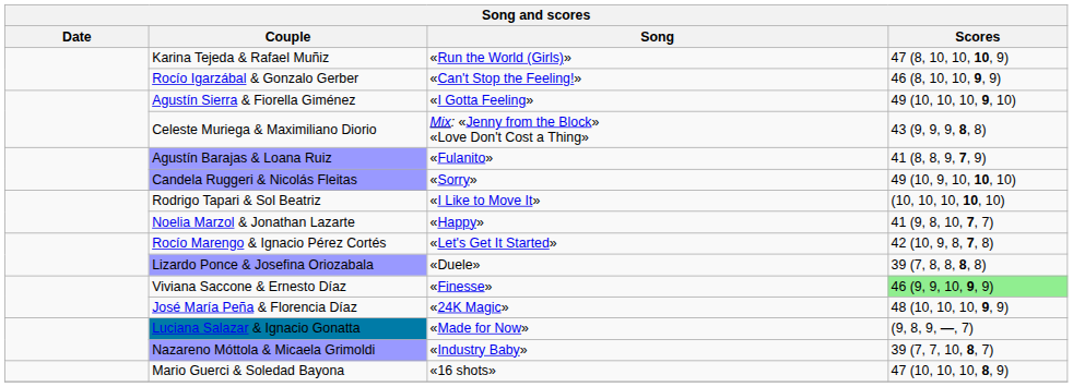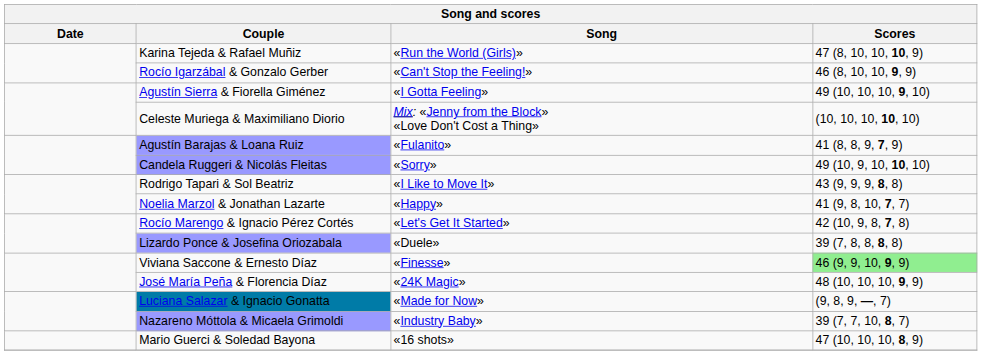 <table class="wikitable collapsible collapsed" style="text-align: align; width: 100%;">
 <tr>
 <th colspan="11" style="with: 100%;" align="center">Song and scores</th>
 </tr>
 <tr>
 <th width=95>Date</th>
 <th width=190>Couple<br></th>
 <th width=320>Song</th>
 <th width=120>Scores</th>
 </tr>
 <tr>
 <td rowspan="2"></td>
 <td>Karina Tejeda & Rafael Muñiz<br></td>
 <td>«<a href='#'>Run the World (Girls)</a>» </td>
 <td>47 (8, 10, 10, <strong>10</strong>, 9)</td>
 </tr>
 <tr>
 <td><a href='#'>Rocío Igarzábal</a> & Gonzalo Gerber<br></td>
 <td>«<a href='#'>Can't Stop the Feeling!</a>» </td>
 <td>46 (8, 10, 10, <strong>9</strong>, 9)</td>
 </tr>
 <tr>
 <td rowspan="2"></td>
 <td><a href='#'>Agustín Sierra</a> & Fiorella Giménez<br></td>
 <td>«<a href='#'>I Gotta Feeling</a>» </td>
 <td>49 (10, 10, 10, <strong>9</strong>, 10)</td>
 </tr>
 <tr>
 <td>Celeste Muriega & Maximiliano Diorio<br></td>
 <td><em><u><a href='#'>Mix</a></u>:</em> «<a href='#'>Jenny from the Block</a>» <br> «Love Don't Cost a Thing» </td>
-<td>43 (9, 9, 9, <strong>8</strong>, 8)</td>
+<td> (10, 10, 10, <strong>10</strong>, 10)</td>
 </tr>
 <tr>
 <td rowspan="2"></td>
 <td bgcolor="#9999FF">Agustín Barajas & Loana Ruiz<br></td>
 <td>«<a href='#'>Fulanito</a>» </td>
 <td>41 (8, 8, 9, <strong>7</strong>, 9)</td>
 </tr>
 <tr>
 <td bgcolor="#9999FF">Candela Ruggeri & Nicolás Fleitas<br></td>
 <td>«<a href='#'>Sorry</a>» </td>
 <td>49 (10, 9, 10, <strong>10</strong>, 10)</td>
 </tr>
 <tr>
 <td rowspan="2"></td>
 <td>Rodrigo Tapari & Sol Beatriz<br></td>
 <td>«<a href='#'>I Like to Move It</a>» </td>
-<td> (10, 10, 10, <strong>10</strong>, 10)</td>
+<td>43 (9, 9, 9, <strong>8</strong>, 8)</td>
 </tr>
 <tr>
 <td><a href='#'>Noelia Marzol</a> & Jonathan Lazarte<br></td>
 <td>«<a href='#'>Happy</a>» </td>
 <td>41 (9, 8, 10, <strong>7</strong>, 7)</td>
 </tr>
 <tr>
 <td rowspan="2"></td>
 <td><a href='#'>Rocío Marengo</a> & Ignacio Pérez Cortés<br></td>
 <td>«<a href='#'>Let's Get It Started</a>» </td>
 <td>42 (10, 9, 8, <strong>7</strong>, 8)</td>
 </tr>
 <tr>
 <td bgcolor="#9999FF">Lizardo Ponce & Josefina Oriozabala<br></td>
 <td>«Duele» </td>
 <td>39 (7, 8, 8, <strong>8</strong>, 8)</td>
 </tr>
 <tr>
 <td rowspan="2"></td>
 <td>Viviana Saccone & Ernesto Díaz<br></td>
 <td>«<a href='#'>Finesse</a>» </td>
 <td style="background: lightgreen;">46 (9, 9, 10, <strong>9</strong>, 9)</td>
 </tr>
 <tr>
 <td><a href='#'>José María Peña</a> & Florencia Díaz<br></td>
 <td>«<a href='#'>24K Magic</a>» </td>
 <td>48 (10, 10, 10, <strong>9</strong>, 9)</td>
 </tr>
 <tr>
 <td rowspan="2"></td>
 <td bgcolor="#007BA7"><a href='#'>Luciana Salazar</a> & Ignacio Gonatta<br></td>
 <td>«<a href='#'>Made for Now</a>» </td>
 <td> (9, 8, 9, <strong>—</strong>, 7)</td>
 </tr>
 <tr>
 <td bgcolor="#9999FF">Nazareno Móttola & Micaela Grimoldi<br></td>
 <td>«<a href='#'>Industry Baby</a>» </td>
 <td>39 (7, 7, 10, <strong>8</strong>, 7)</td>
 </tr>
 <tr>
 <td></td>
 <td>Mario Guerci & Soledad Bayona<br></td>
 <td>«16 shots» </td>
 <td>47 (10, 10, 10, <strong>8</strong>, 9)</td>
 </tr>
 <tr>
 </tr>
 </table>
